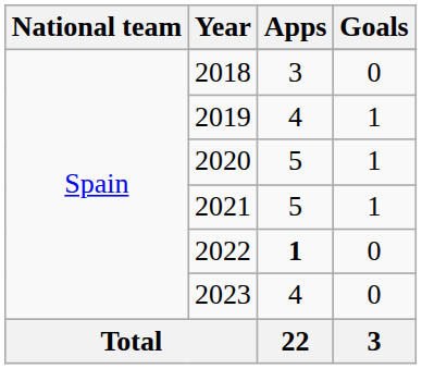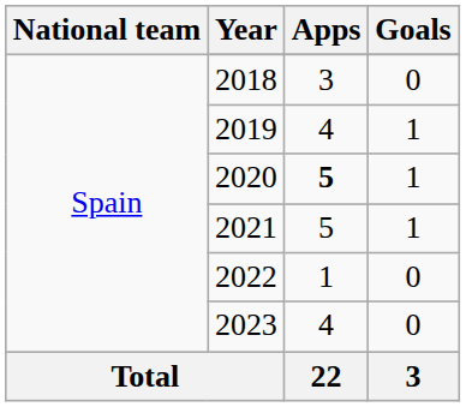 <table class=wikitable style=text-align:center>
 <tr>
 <th>National team</th>
 <th>Year</th>
 <th>Apps</th>
 <th>Goals</th>
 </tr>
 <tr>
 <td rowspan=7><a href='#'>Spain</a></td>
 </tr>
 <tr>
 <td>2018</td>
 <td>3</td>
 <td>0</td>
 </tr>
 <tr>
 <td>2019</td>
 <td>4</td>
 <td>1</td>
 </tr>
 <tr>
 <td>2020</td>
-<td>5</td>
+<td><strong>5</strong></td>
 <td>1</td>
 </tr>
 <tr>
 <td>2021</td>
 <td>5</td>
 <td>1</td>
 </tr>
 <tr>
 <td>2022</td>
-<td><strong>1</strong></td>
+<td>1</td>
 <td>0</td>
 </tr>
 <tr>
 <td>2023</td>
 <td>4</td>
 <td>0</td>
 </tr>
 <tr>
 <th colspan=2>Total</th>
 <th>22</th>
 <th>3</th>
 </tr>
 </table>
